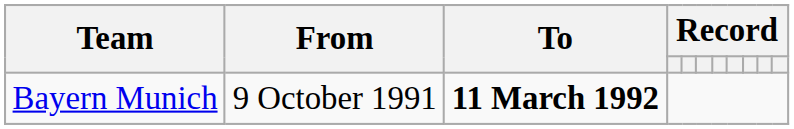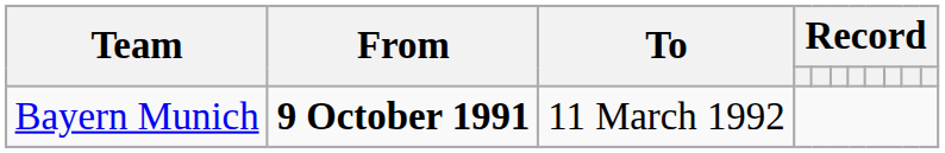 <table class="wikitable" style="text-align: center">
 <tr>
 <th rowspan="2">Team</th>
 <th rowspan="2">From</th>
 <th rowspan="2">To</th>
 <th colspan="8">Record</th>
 </tr>
 <tr>
 <th></th>
 <th></th>
 <th></th>
 <th></th>
 <th></th>
 <th></th>
 <th></th>
 <th></th>
 </tr>
 <tr>
 <td><a href='#'>Bayern Munich</a></td>
-<td>9 October 1991</td>
-<td><strong>11 March 1992<br></strong></td>
+<td><strong>9 October 1991</strong></td>
+<td>11 March 1992<br></td>
 </tr>
 </table>
